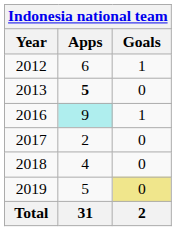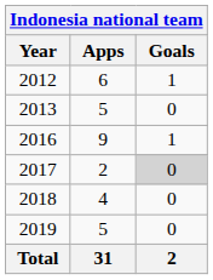 <table class="wikitable" style="text-align:center">
 <tr>
 <th colspan=3><a href='#'>Indonesia national team</a></th>
 </tr>
 <tr>
 <th>Year</th>
 <th>Apps</th>
 <th>Goals</th>
 </tr>
 <tr>
 <td>2012</td>
 <td>6</td>
 <td>1</td>
 </tr>
 <tr>
 <td>2013</td>
-<td><strong>5</strong></td>
+<td>5</td>
 <td>0</td>
 </tr>
 <tr>
 <td>2016</td>
-<td style="background: paleturquoise;">9</td>
+<td>9</td>
 <td>1</td>
 </tr>
 <tr>
 <td>2017</td>
 <td>2</td>
-<td>0</td>
+<td style="background: lightgrey;">0</td>
 </tr>
 <tr>
 <td>2018</td>
 <td>4</td>
 <td>0</td>
 </tr>
 <tr>
 <td>2019</td>
 <td>5</td>
-<td style="background: khaki;">0</td>
+<td>0</td>
 </tr>
 <tr>
 <th>Total</th>
 <th>31</th>
 <th>2</th>
 </tr>
 </table>
